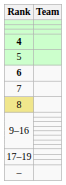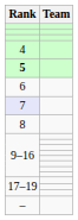 <table class="wikitable">
 <tr>
 <th>Rank</th>
 <th>Team</th>
 </tr>
 <tr bgcolor="#ccffcc">
 <td align=center></td>
 <td></td>
 </tr>
 <tr bgcolor="#ccffcc">
 <td align=center></td>
 <td></td>
 </tr>
 <tr bgcolor="#ccffcc">
 <td align=center></td>
 <td></td>
 </tr>
 <tr bgcolor="#ccffcc">
-<td align=center><strong>4</strong></td>
+<td align=center>4</td>
 <td></td>
 </tr>
 <tr bgcolor="#ccffcc">
-<td align=center>5</td>
+<td align=center><strong>5</strong></td>
 <td></td>
 </tr>
 <tr>
-<td align=center><strong>6</strong></td>
+<td align=center>6</td>
 <td></td>
 </tr>
 <tr>
-<td align=center>7</td>
+<td align=center style="background: lavender;">7</td>
 <td></td>
 </tr>
 <tr>
-<td align=center style="background: khaki;">8</td>
+<td align=center>8</td>
 <td></td>
 </tr>
 <tr>
 <td align=center rowspan=8>9–16</td>
 <td></td>
 </tr>
 <tr>
 <td></td>
 </tr>
 <tr>
 <td></td>
 </tr>
 <tr>
 <td></td>
 </tr>
 <tr>
 <td></td>
 </tr>
 <tr>
 <td></td>
 </tr>
 <tr>
 <td></td>
 </tr>
 <tr>
 <td></td>
 </tr>
 <tr>
 <td align=center rowspan=3>17–19</td>
 <td></td>
 </tr>
 <tr>
 <td></td>
 </tr>
 <tr>
 <td></td>
 </tr>
 <tr>
 <td align=center>–</td>
 <td></td>
 </tr>
 </table>
